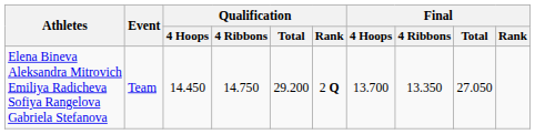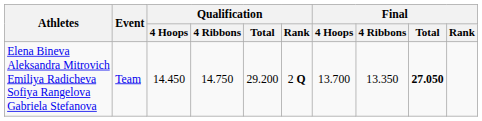 <table class="wikitable" style="font-size:90%">
 <tr>
 <th rowspan="2">Athletes</th>
 <th rowspan="2">Event</th>
 <th colspan="4">Qualification</th>
 <th colspan="4">Final</th>
 </tr>
 <tr style="font-size:95%">
 <th>4 Hoops</th>
 <th>4 Ribbons</th>
 <th>Total</th>
 <th>Rank</th>
 <th>4 Hoops</th>
 <th>4 Ribbons</th>
 <th>Total</th>
 <th>Rank</th>
 </tr>
 <tr align=center>
 <td align=left><a href='#'>Elena Bineva</a><br><a href='#'>Aleksandra Mitrovich</a><br><a href='#'>Emiliya Radicheva</a><br><a href='#'>Sofiya Rangelova</a><br><a href='#'>Gabriela Stefanova</a></td>
 <td align=left><a href='#'>Team</a></td>
 <td>14.450</td>
 <td>14.750</td>
 <td>29.200</td>
 <td>2 <strong>Q</strong></td>
 <td>13.700</td>
 <td>13.350</td>
-<td>27.050</td>
+<td><strong>27.050</strong></td>
 <td></td>
 </tr>
 </table>
